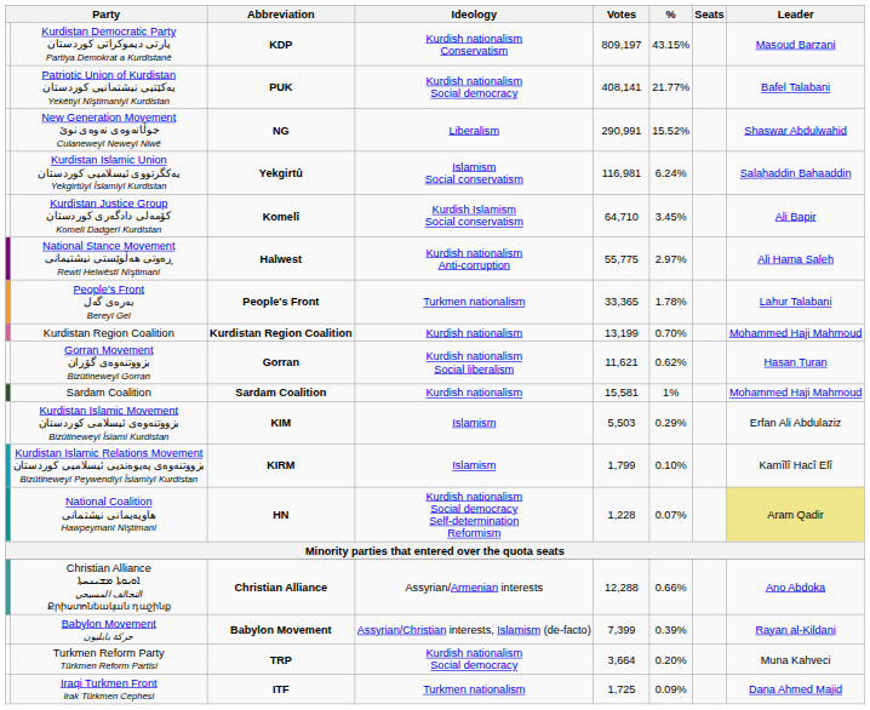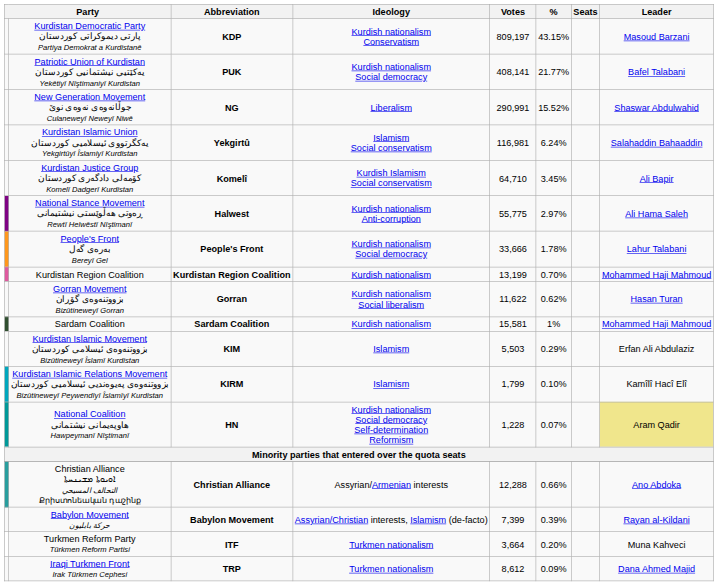 <table class="wikitable" style="font-size:95%; text-align:center;">
 <tr>
 <th colspan=2>Party</th>
 <th>Abbreviation</th>
 <th>Ideology</th>
 <th width="70">Votes</th>
 <th width="35">%</th>
 <th>Seats</th>
 <th>Leader</th>
 </tr>
 <tr>
 <td bgcolor=></td>
 <td><a href='#'>Kurdistan Democratic Party</a><br><span>پارتی دیموکراتی کوردستان</span><br><small><em>Partiya Demokrat a Kurdistanê</em></small></td>
 <td><strong>KDP</strong></td>
 <td><a href='#'>Kurdish nationalism</a><br><a href='#'>Conservatism</a></td>
 <td>809,197</td>
 <td>43.15%</td>
 <td></td>
 <td><a href='#'>Masoud Barzani</a></td>
 </tr>
 <tr>
 <td bgcolor=></td>
 <td><a href='#'>Patriotic Union of Kurdistan</a><br><span>یەکێتیی نیشتمانیی کوردستان</span><br><small><em>Yekêtiyî Nîştimaniyî Kurdistan</em></small></td>
 <td><strong>PUK</strong></td>
 <td><a href='#'>Kurdish nationalism</a><br><a href='#'>Social democracy</a></td>
 <td>408,141</td>
 <td>21.77%</td>
 <td></td>
 <td><a href='#'>Bafel Talabani</a></td>
 </tr>
 <tr>
 <td bgcolor=></td>
 <td><a href='#'>New Generation Movement</a><br><span>جوڵانه‌وه‌ی نه‌وه‌ی نوێ</span><br><small><em>Culaneweyî Neweyî Niwê</em></small></td>
 <td><strong>NG</strong></td>
 <td><a href='#'>Liberalism</a></td>
 <td>290,991</td>
 <td>15.52%</td>
 <td></td>
 <td><a href='#'>Shaswar Abdulwahid</a></td>
 </tr>
 <tr>
 <td bgcolor=></td>
 <td><a href='#'>Kurdistan Islamic Union</a><br><span>یەکگرتووی ئیسلامیی کوردستان</span><br><small><em>Yekgirtûyî Îslamiyî Kurdistan</em></small></td>
 <td><strong>Yekgirtû</strong></td>
 <td><a href='#'>Islamism</a><br><a href='#'>Social conservatism</a></td>
 <td>116,981</td>
 <td>6.24%</td>
 <td></td>
 <td><a href='#'>Salahaddin Bahaaddin</a></td>
 </tr>
 <tr>
 <td bgcolor=></td>
 <td><a href='#'>Kurdistan Justice Group</a><br><span>کۆمه‌لی دادگەری کوردستان</span><br><small><em>Komelî Dadgerî Kurdistan</em></small></td>
 <td><strong>Komelî</strong></td>
 <td><a href='#'>Kurdish Islamism</a><br><a href='#'>Social conservatism</a></td>
 <td>64,710</td>
 <td>3.45%</td>
 <td></td>
 <td><a href='#'>Ali Bapir</a></td>
 </tr>
 <tr>
 <td bgcolor=#7F0284></td>
 <td><a href='#'>National Stance Movement</a><br><span>ڕەوتی هەڵوێستی نیشتیمانی</span><br><small><em>Rewtî Helwêstî Nîştimanî</em></small></td>
 <td><strong>Halwest</strong></td>
 <td><a href='#'>Kurdish nationalism</a><br><a href='#'>Anti-corruption</a></td>
 <td>55,775</td>
 <td>2.97%</td>
 <td></td>
 <td><a href='#'>Ali Hama Saleh</a></td>
 </tr>
 <tr>
 <td bgcolor=#FF981D></td>
 <td><a href='#'>People's Front</a><br><span>بەرەی گەل</span><br><small><em>Bereyî Gel</em></small></td>
 <td><strong>People's Front</strong></td>
-<td><a href='#'>Turkmen nationalism</a></td>
-<td>33,365</td>
+<td><a href='#'>Kurdish nationalism</a><br><a href='#'>Social democracy</a></td>
+<td>33,666</td>
 <td>1.78%</td>
 <td></td>
 <td><a href='#'>Lahur Talabani</a></td>
 </tr>
 <tr>
 <td bgcolor=#DF5A9F></td>
 <td>Kurdistan Region Coalition<br> </td>
 <td><strong>Kurdistan Region Coalition</strong></td>
 <td><a href='#'>Kurdish nationalism</a></td>
 <td>13,199</td>
 <td>0.70%</td>
 <td></td>
 <td><a href='#'>Mohammed Haji Mahmoud</a></td>
 </tr>
 <tr>
 <td bgcolor=></td>
 <td><a href='#'>Gorran Movement</a><br><span>بزووتنەوەی گۆڕان</span><br><small><em>Bizûtineweyî Gorran</em></small></td>
 <td><strong>Gorran</strong></td>
 <td><a href='#'>Kurdish nationalism</a><br><a href='#'>Social liberalism</a></td>
-<td>11,621</td>
+<td>11,622</td>
 <td>0.62%</td>
 <td></td>
 <td><a href='#'>Hasan Turan</a></td>
 </tr>
 <tr>
 <td bgcolor=#314F30></td>
 <td>Sardam Coalition </td>
 <td><strong>Sardam Coalition</strong></td>
 <td><a href='#'>Kurdish nationalism</a></td>
 <td>15,581</td>
 <td>1%</td>
 <td></td>
 <td><a href='#'>Mohammed Haji Mahmoud</a></td>
 </tr>
 <tr>
 <td bgcolor=></td>
 <td><a href='#'>Kurdistan Islamic Movement</a><br><span>بزووتنەوەی ئیسلامی کوردستان</span><br><small><em>Bizûtineweyî Îslamî Kurdistan</em></small></td>
 <td><strong>KIM</strong></td>
 <td><a href='#'>Islamism</a></td>
 <td>5,503</td>
 <td>0.29%</td>
 <td></td>
 <td>Erfan Ali Abdulaziz</td>
 </tr>
 <tr>
 <td bgcolor=#00A7BE></td>
 <td><a href='#'>Kurdistan Islamic Relations Movement</a><br><span>بزووتنەوەی پەیوەندیی ئیسلامیی کوردستان</span><br><small><em>Bizûtineweyî Peywendîyî Îslamîyî Kurdistan</em></small></td>
 <td><strong>KIRM</strong></td>
 <td><a href='#'>Islamism</a></td>
 <td>1,799</td>
 <td>0.10%</td>
 <td></td>
 <td>Kamîlî Hacî Elî</td>
 </tr>
 <tr>
 <td bgcolor=#009999></td>
 <td><a href='#'>National Coalition</a><br><span>ھاوپەیمانی نیشتمانی</span><br><small><em>Hawpeymanî Nîştimanî</em></small></td>
 <td><strong>HN</strong></td>
 <td><a href='#'>Kurdish nationalism</a><br><a href='#'>Social democracy</a><br><a href='#'>Self-determination</a><br><a href='#'>Reformism</a><br></td>
 <td>1,228</td>
 <td>0.07%</td>
 <td></td>
 <td style="background: khaki;">Aram Qadir</td>
 </tr>
 <tr>
 <th colspan="9">Minority parties that entered over the quota seats</th>
 </tr>
 <tr>
 </tr>
 <tr>
 <td bgcolor=#289e9e></td>
 <td>Christian Alliance<br><span>ܐܘܝܘܬܐ ܡܫܝܢܚܬܐ</span><br><small><em>التحالف المسيحي</em><br>Քրիստոնեական դաշինք</small> </td>
 <td><strong>Christian Alliance</strong></td>
 <td>Assyrian/<a href='#'>Armenian</a> interests</td>
 <td>12,288</td>
 <td>0.66%</td>
 <td></td>
 <td><a href='#'>Ano Abdoka</a></td>
 </tr>
 <tr>
 <td bgcolor=></td>
 <td><a href='#'>Babylon Movement</a><br><small><em>حركة بابليون</em></small></td>
 <td><strong>Babylon Movement</strong></td>
 <td><a href='#'>Assyrian/Christian</a> interests, <a href='#'>Islamism</a> (de-facto)</td>
 <td>7,399</td>
 <td>0.39%</td>
 <td></td>
 <td><a href='#'>Rayan al-Kildani</a></td>
 </tr>
 <tr>
 <td bgcolor=#FFFFFF></td>
 <td>Turkmen Reform Party<br><small><em>Türkmen Reform Partisi</em></small></td>
-<td><strong>TRP</strong></td>
-<td><a href='#'>Kurdish nationalism</a><br><a href='#'>Social democracy</a></td>
+<td><strong>ITF</strong></td>
+<td><a href='#'>Turkmen nationalism</a></td>
 <td>3,664</td>
 <td>0.20%</td>
 <td></td>
 <td>Muna Kahveci</td>
 </tr>
 <tr>
 <td bgcolor=></td>
 <td><a href='#'>Iraqi Turkmen Front</a><br><small><em>Irak Türkmen Cephesi</em></small></td>
-<td><strong>ITF</strong></td>
+<td><strong>TRP</strong></td>
 <td><a href='#'>Turkmen nationalism</a></td>
-<td>1,725</td>
+<td>8,612</td>
 <td>0.09%</td>
 <td></td>
 <td><a href='#'>Dana Ahmed Majid</a></td>
 </tr>
 </table>
